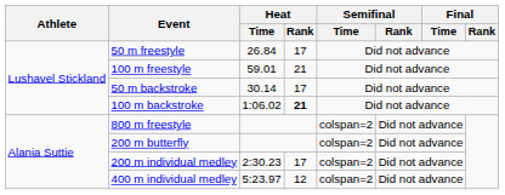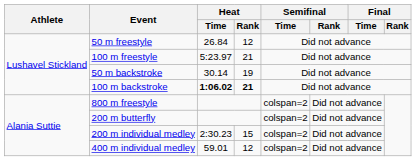 <table class=wikitable style=font-size:90%>
 <tr>
 <th rowspan=2>Athlete</th>
 <th rowspan=2>Event</th>
 <th colspan=2>Heat</th>
 <th colspan=2>Semifinal</th>
 <th colspan=2>Final</th>
 </tr>
 <tr style=font-size:95%>
 <th>Time</th>
 <th>Rank</th>
 <th>Time</th>
 <th>Rank</th>
 <th>Time</th>
 <th>Rank</th>
 </tr>
 <tr align=center>
 <td align=left rowspan=4><a href='#'>Lushavel Stickland</a></td>
 <td align=left><a href='#'>50 m freestyle</a></td>
 <td>26.84</td>
-<td>17</td>
+<td>12</td>
 <td colspan=4>Did not advance</td>
 </tr>
 <tr align=center>
 <td align=left><a href='#'>100 m freestyle</a></td>
-<td>59.01</td>
+<td>5:23.97</td>
 <td>21</td>
 <td colspan=4>Did not advance</td>
 </tr>
 <tr align=center>
 <td align=left><a href='#'>50 m backstroke</a></td>
 <td>30.14</td>
-<td>17</td>
+<td>19</td>
 <td colspan=4>Did not advance</td>
 </tr>
 <tr align=center>
 <td align=left><a href='#'>100 m backstroke</a></td>
-<td>1:06.02</td>
+<td><strong>1:06.02</strong></td>
 <td><strong>21</strong></td>
 <td colspan=4>Did not advance</td>
 </tr>
 <tr align=center>
 <td align=left rowspan=4><a href='#'>Alania Suttie</a></td>
 <td align=left><a href='#'>800 m freestyle</a></td>
 <td colspan=2></td>
 <td>colspan=2 </td>
 <td colspan=2>Did not advance</td>
 </tr>
 <tr align=center>
 <td align=left><a href='#'>200 m butterfly</a></td>
 <td colspan=2></td>
 <td>colspan=2 </td>
 <td colspan=2>Did not advance</td>
 </tr>
 <tr align=center>
 <td align=left><a href='#'>200 m individual medley</a></td>
 <td>2:30.23</td>
-<td>17</td>
+<td>15</td>
 <td>colspan=2 </td>
 <td colspan=2>Did not advance</td>
 </tr>
 <tr align=center>
 <td align=left><a href='#'>400 m individual medley</a></td>
-<td>5:23.97</td>
+<td>59.01</td>
 <td>12</td>
 <td>colspan=2 </td>
 <td colspan=2>Did not advance</td>
 </tr>
 </table>
